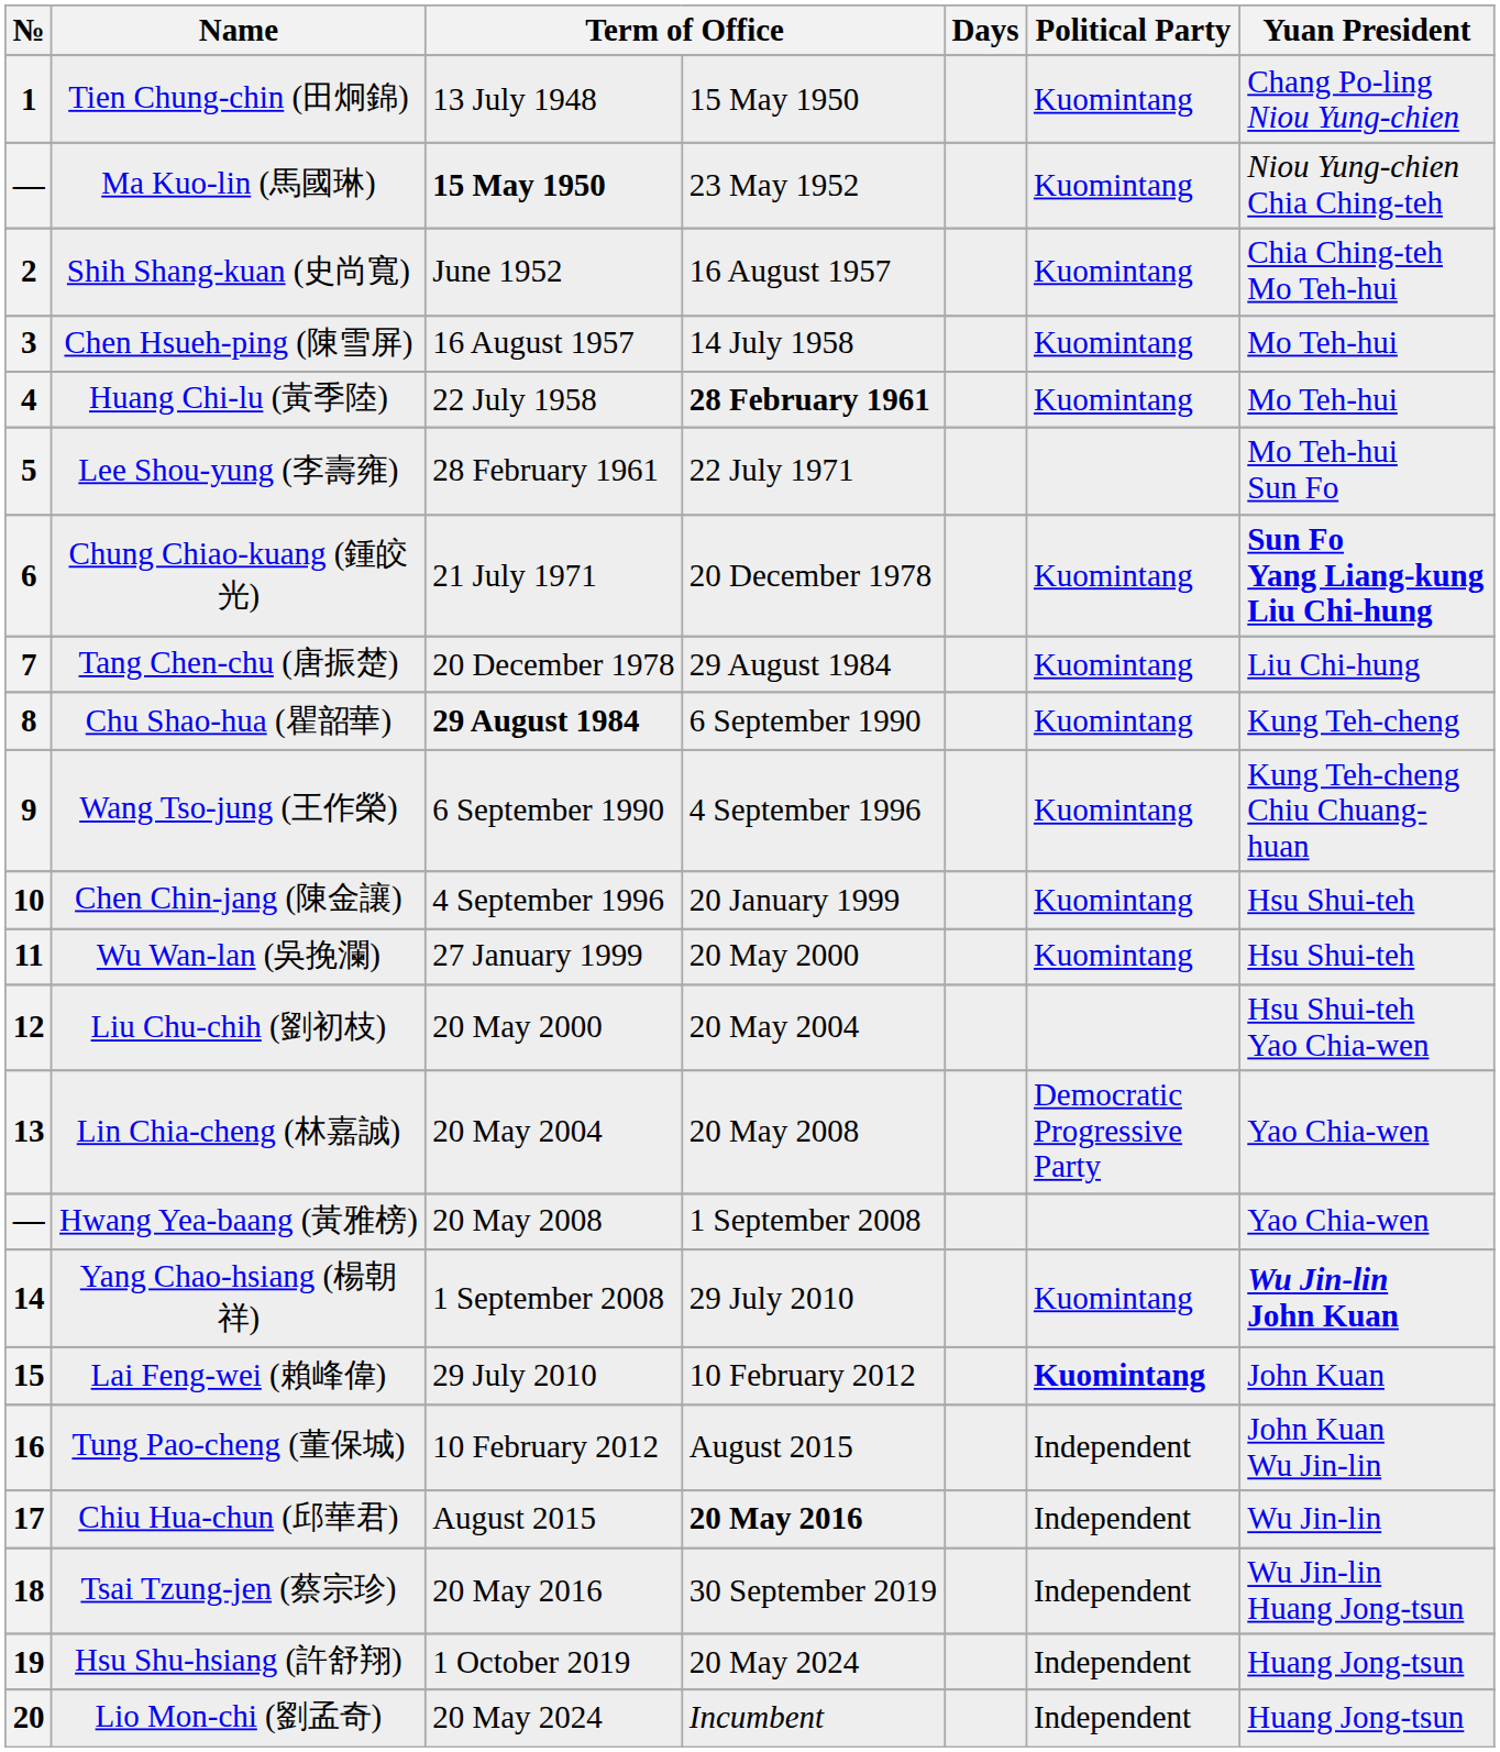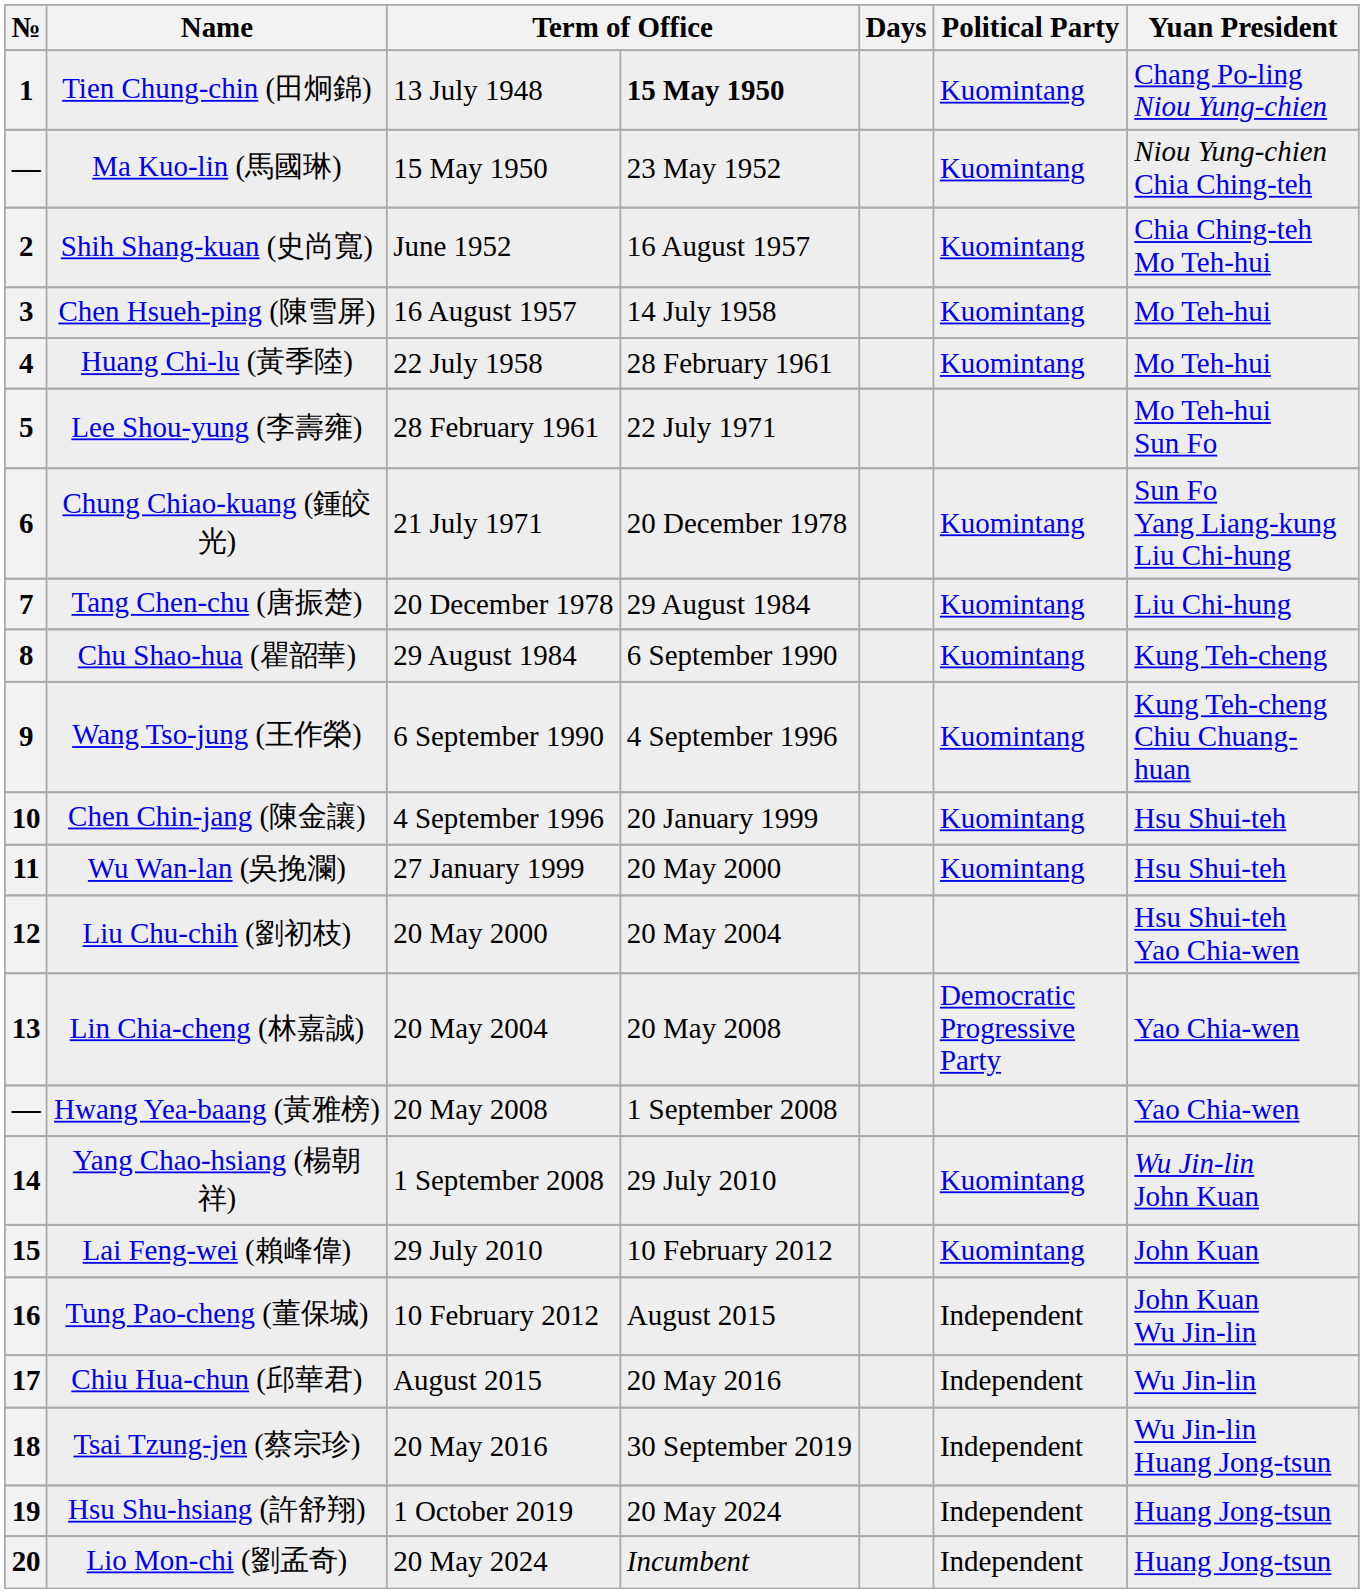 <table class="wikitable">
 <tr ->
 <th>№</th>
 <th width="180">Name</th>
 <th colspan=2 width="180">Term of Office</th>
 <th>Days</th>
 <th width="100">Political Party</th>
 <th width="120">Yuan President</th>
 </tr>
 <tr ->
 </tr>
 <tr - bgcolor=#EEEEEE>
 <th style="background:">1</th>
 <td align=center><a href='#'>Tien Chung-chin</a> (田炯錦)</td>
 <td>13 July 1948</td>
-<td>15 May 1950</td>
+<td><strong>15 May 1950</strong></td>
 <td></td>
 <td><a href='#'>Kuomintang</a></td>
 <td><a href='#'>Chang Po-ling</a><br><em><a href='#'>Niou Yung-chien</a></em></td>
 </tr>
 <tr ->
 </tr>
 <tr - bgcolor=#EEEEEE>
 <th style="background:">—</th>
 <td align=center><a href='#'>Ma Kuo-lin</a> (馬國琳)</td>
-<td><strong>15 May 1950</strong></td>
+<td>15 May 1950</td>
 <td>23 May 1952</td>
 <td></td>
 <td><a href='#'>Kuomintang</a></td>
 <td><em>Niou Yung-chien</em><br><a href='#'>Chia Ching-teh</a></td>
 </tr>
 <tr ->
 </tr>
 <tr - bgcolor=#EEEEEE>
 <th style="background:">2</th>
 <td align=center><a href='#'>Shih Shang-kuan</a> (史尚寬)</td>
 <td>June 1952</td>
 <td>16 August 1957</td>
 <td></td>
 <td><a href='#'>Kuomintang</a></td>
 <td><a href='#'>Chia Ching-teh</a><br><a href='#'>Mo Teh-hui</a></td>
 </tr>
 <tr ->
 </tr>
 <tr - bgcolor=#EEEEEE>
 <th style="background:">3</th>
 <td align=center><a href='#'>Chen Hsueh-ping</a> (陳雪屏)</td>
 <td>16 August 1957</td>
 <td>14 July 1958</td>
 <td></td>
 <td><a href='#'>Kuomintang</a></td>
 <td><a href='#'>Mo Teh-hui</a></td>
 </tr>
 <tr ->
 </tr>
 <tr - bgcolor=#EEEEEE>
 <th style="background:">4</th>
 <td align=center><a href='#'>Huang Chi-lu</a> (黃季陸)</td>
 <td>22 July 1958</td>
-<td><strong>28 February 1961</strong></td>
+<td>28 February 1961</td>
 <td></td>
 <td><a href='#'>Kuomintang</a></td>
 <td><a href='#'>Mo Teh-hui</a></td>
 </tr>
 <tr ->
 </tr>
 <tr - bgcolor=#EEEEEE>
 <th style="background:">5</th>
 <td align=center><a href='#'>Lee Shou-yung</a> (李壽雍)</td>
 <td>28 February 1961</td>
 <td>22 July 1971</td>
 <td></td>
 <td></td>
 <td><a href='#'>Mo Teh-hui</a><br><a href='#'>Sun Fo</a></td>
 </tr>
 <tr ->
 </tr>
 <tr - bgcolor=#EEEEEE>
 <th style="background:">6</th>
 <td align=center><a href='#'>Chung Chiao-kuang</a> (鍾皎光)</td>
 <td>21 July 1971</td>
 <td>20 December 1978</td>
 <td></td>
 <td><a href='#'>Kuomintang</a></td>
-<td><strong><a href='#'>Sun Fo</a><br><a href='#'>Yang Liang-kung</a><br><a href='#'>Liu Chi-hung</a></strong></td>
+<td><a href='#'>Sun Fo</a><br><a href='#'>Yang Liang-kung</a><br><a href='#'>Liu Chi-hung</a></td>
 </tr>
 <tr ->
 </tr>
 <tr - bgcolor=#EEEEEE>
 <th style="background:">7</th>
 <td align=center><a href='#'>Tang Chen-chu</a> (唐振楚)</td>
 <td>20 December 1978</td>
 <td>29 August 1984</td>
 <td></td>
 <td><a href='#'>Kuomintang</a></td>
 <td><a href='#'>Liu Chi-hung</a></td>
 </tr>
 <tr ->
 </tr>
 <tr - bgcolor=#EEEEEE>
 <th style="background:">8</th>
 <td align=center><a href='#'>Chu Shao-hua</a> (瞿韶華)</td>
-<td><strong>29 August 1984</strong></td>
+<td>29 August 1984</td>
 <td>6 September 1990</td>
 <td></td>
 <td><a href='#'>Kuomintang</a></td>
 <td><a href='#'>Kung Teh-cheng</a></td>
 </tr>
 <tr ->
 </tr>
 <tr - bgcolor=#EEEEEE>
 <th style="background:">9</th>
 <td align=center><a href='#'>Wang Tso-jung</a> (王作榮)</td>
 <td>6 September 1990</td>
 <td>4 September 1996</td>
 <td></td>
 <td><a href='#'>Kuomintang</a></td>
 <td><a href='#'>Kung Teh-cheng</a><br><a href='#'>Chiu Chuang-huan</a></td>
 </tr>
 <tr ->
 </tr>
 <tr - bgcolor=#EEEEEE>
 <th style="background:">10</th>
 <td align=center><a href='#'>Chen Chin-jang</a> (陳金讓)</td>
 <td>4 September 1996</td>
 <td>20 January 1999</td>
 <td></td>
 <td><a href='#'>Kuomintang</a></td>
 <td><a href='#'>Hsu Shui-teh</a></td>
 </tr>
 <tr ->
 </tr>
 <tr - bgcolor=#EEEEEE>
 <th style="background:">11</th>
 <td align=center><a href='#'>Wu Wan-lan</a> (吳挽瀾)</td>
 <td>27 January 1999</td>
 <td>20 May 2000</td>
 <td></td>
 <td><a href='#'>Kuomintang</a></td>
 <td><a href='#'>Hsu Shui-teh</a></td>
 </tr>
 <tr ->
 </tr>
 <tr - bgcolor=#EEEEEE>
 <th style="background:">12</th>
 <td align=center><a href='#'>Liu Chu-chih</a> (劉初枝)</td>
 <td>20 May 2000</td>
 <td>20 May 2004</td>
 <td></td>
 <td></td>
 <td><a href='#'>Hsu Shui-teh</a><br><a href='#'>Yao Chia-wen</a></td>
 </tr>
 <tr ->
 </tr>
 <tr - bgcolor=#EEEEEE>
 <th style="background:">13</th>
 <td align=center><a href='#'>Lin Chia-cheng</a> (林嘉誠)</td>
 <td>20 May 2004</td>
 <td>20 May 2008</td>
 <td></td>
 <td><a href='#'>Democratic Progressive Party</a></td>
 <td><a href='#'>Yao Chia-wen</a></td>
 </tr>
 <tr ->
 </tr>
 <tr ->
 </tr>
 <tr - bgcolor=#EEEEEE>
 <th style="background:">—</th>
 <td align=center><a href='#'>Hwang Yea-baang</a> (黃雅榜)</td>
 <td>20 May 2008</td>
 <td>1 September 2008</td>
 <td></td>
 <td></td>
 <td><a href='#'>Yao Chia-wen</a></td>
 </tr>
 <tr ->
 </tr>
 <tr - bgcolor=#EEEEEE>
 <th style="background:">14</th>
 <td align=center><a href='#'>Yang Chao-hsiang</a> (楊朝祥)</td>
 <td>1 September 2008</td>
 <td>29 July 2010</td>
 <td></td>
 <td><a href='#'>Kuomintang</a></td>
-<td><strong><em><a href='#'>Wu Jin-lin</a></em><br><a href='#'>John Kuan</a></strong></td>
+<td><em><a href='#'>Wu Jin-lin</a></em><br><a href='#'>John Kuan</a></td>
 </tr>
 <tr ->
 </tr>
 <tr - bgcolor=#EEEEEE>
 <th style="background:">15</th>
 <td align=center><a href='#'>Lai Feng-wei</a> (賴峰偉)</td>
 <td>29 July 2010</td>
 <td>10 February 2012</td>
 <td></td>
-<td><strong><a href='#'>Kuomintang</a></strong></td>
+<td><a href='#'>Kuomintang</a></td>
 <td><a href='#'>John Kuan</a></td>
 </tr>
 <tr ->
 </tr>
 <tr - bgcolor=#EEEEEE>
 <th style="background:">16</th>
 <td align=center><a href='#'>Tung Pao-cheng</a> (董保城)</td>
 <td>10 February 2012</td>
 <td>August 2015</td>
 <td></td>
 <td>Independent</td>
 <td><a href='#'>John Kuan</a><br><a href='#'>Wu Jin-lin</a></td>
 </tr>
 <tr ->
 </tr>
 <tr - bgcolor=#EEEEEE>
 <th style="background:">17</th>
 <td align=center><a href='#'>Chiu Hua-chun</a> (邱華君)</td>
 <td>August 2015</td>
-<td><strong>20 May 2016</strong></td>
+<td>20 May 2016</td>
 <td></td>
 <td>Independent</td>
 <td><a href='#'>Wu Jin-lin</a></td>
 </tr>
 <tr ->
 </tr>
 <tr - bgcolor=#EEEEEE>
 <th style="background:">18</th>
 <td align=center><a href='#'>Tsai Tzung-jen</a> (蔡宗珍)</td>
 <td>20 May 2016</td>
 <td>30 September 2019</td>
 <td></td>
 <td>Independent</td>
 <td><a href='#'>Wu Jin-lin</a><br><a href='#'>Huang Jong-tsun</a></td>
 </tr>
 <tr ->
 </tr>
 <tr ->
 </tr>
 <tr - bgcolor=#EEEEEE>
 <th style="background:">19</th>
 <td align=center><a href='#'>Hsu Shu-hsiang</a> (許舒翔)</td>
 <td>1 October 2019</td>
 <td>20 May 2024</td>
 <td></td>
 <td>Independent</td>
 <td><a href='#'>Huang Jong-tsun</a></td>
 </tr>
 <tr ->
 </tr>
 <tr - bgcolor=#EEEEEE>
 <th style="background:">20</th>
 <td align=center><a href='#'>Lio Mon-chi</a> (劉孟奇)</td>
 <td>20 May 2024</td>
 <td><em>Incumbent</em></td>
 <td></td>
 <td>Independent</td>
 <td><a href='#'>Huang Jong-tsun</a></td>
 </tr>
 <tr ->
 </tr>
 </table>
